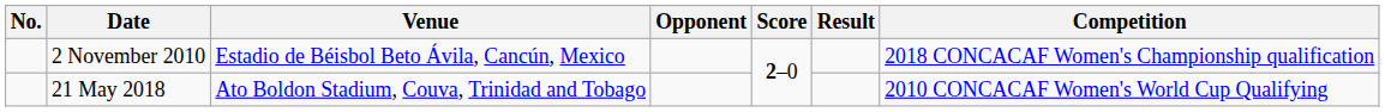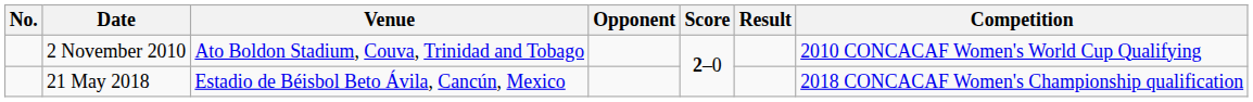 <table class="wikitable">
 <tr>
 <th>No.</th>
 <th>Date</th>
 <th>Venue</th>
 <th>Opponent</th>
 <th>Score</th>
 <th>Result</th>
 <th>Competition</th>
 </tr>
 <tr>
 <td></td>
 <td>2 November 2010</td>
-<td><a href='#'>Estadio de Béisbol Beto Ávila</a>, <a href='#'>Cancún</a>, <a href='#'>Mexico</a></td>
+<td><a href='#'>Ato Boldon Stadium</a>, <a href='#'>Couva</a>, <a href='#'>Trinidad and Tobago</a></td>
 <td></td>
 <td rowspan=2 style="text-align:center;"><strong>2</strong>–0</td>
 <td></td>
-<td><a href='#'>2018 CONCACAF Women's Championship qualification</a></td>
+<td><a href='#'>2010 CONCACAF Women's World Cup Qualifying</a></td>
 </tr>
 <tr>
 <td></td>
 <td>21 May 2018</td>
-<td><a href='#'>Ato Boldon Stadium</a>, <a href='#'>Couva</a>, <a href='#'>Trinidad and Tobago</a></td>
+<td><a href='#'>Estadio de Béisbol Beto Ávila</a>, <a href='#'>Cancún</a>, <a href='#'>Mexico</a></td>
 <td></td>
 <td></td>
-<td><a href='#'>2010 CONCACAF Women's World Cup Qualifying</a></td>
+<td><a href='#'>2018 CONCACAF Women's Championship qualification</a></td>
 </tr>
 </table>
